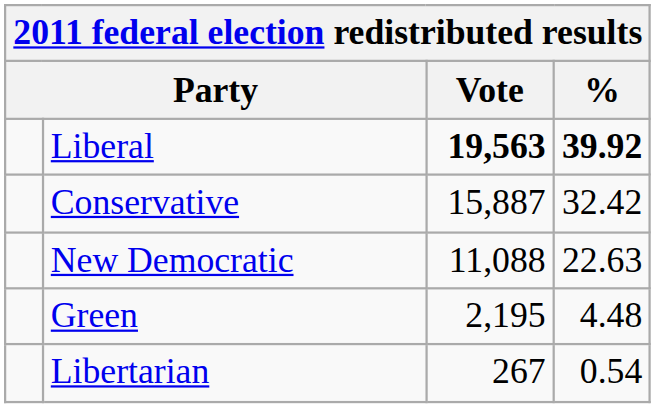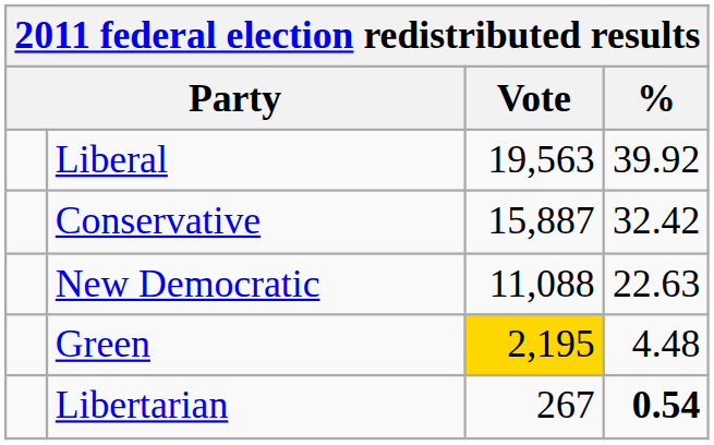 <table class="wikitable">
 <tr>
 <th colspan="4"><a href='#'>2011 federal election</a> redistributed results</th>
 </tr>
 <tr>
 <th bgcolor="#DDDDFF" width="130px" colspan="2">Party</th>
 <th bgcolor="#DDDDFF" width="50px">Vote</th>
 <th bgcolor="#DDDDFF" width="30px">%</th>
 </tr>
 <tr>
 <td> </td>
 <td><a href='#'>Liberal</a></td>
-<td align=right><strong>19,563</strong></td>
-<td align=right><strong>39.92</strong></td>
+<td align=right>19,563</td>
+<td align=right>39.92</td>
 </tr>
 <tr>
 <td> </td>
 <td><a href='#'>Conservative</a></td>
 <td align=right>15,887</td>
 <td align=right>32.42</td>
 </tr>
 <tr>
 <td> </td>
 <td><a href='#'>New Democratic</a></td>
 <td align=right>11,088</td>
 <td align=right>22.63</td>
 </tr>
 <tr>
 <td> </td>
 <td><a href='#'>Green</a></td>
-<td align=right>2,195</td>
+<td align=right style="background: gold;">2,195</td>
 <td align=right>4.48</td>
 </tr>
 <tr>
 <td> </td>
 <td><a href='#'>Libertarian</a></td>
 <td align=right>267</td>
-<td align=right>0.54</td>
+<td align=right><strong>0.54</strong></td>
 </tr>
 </table>
